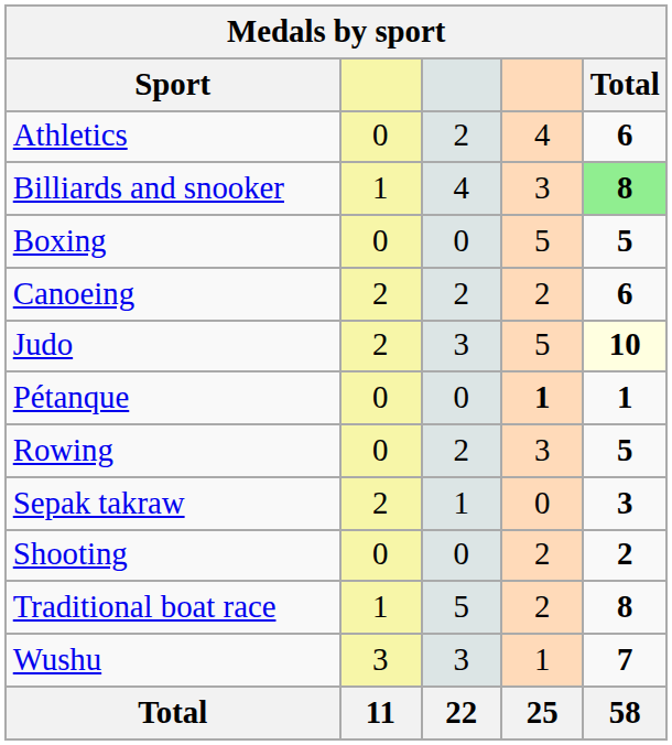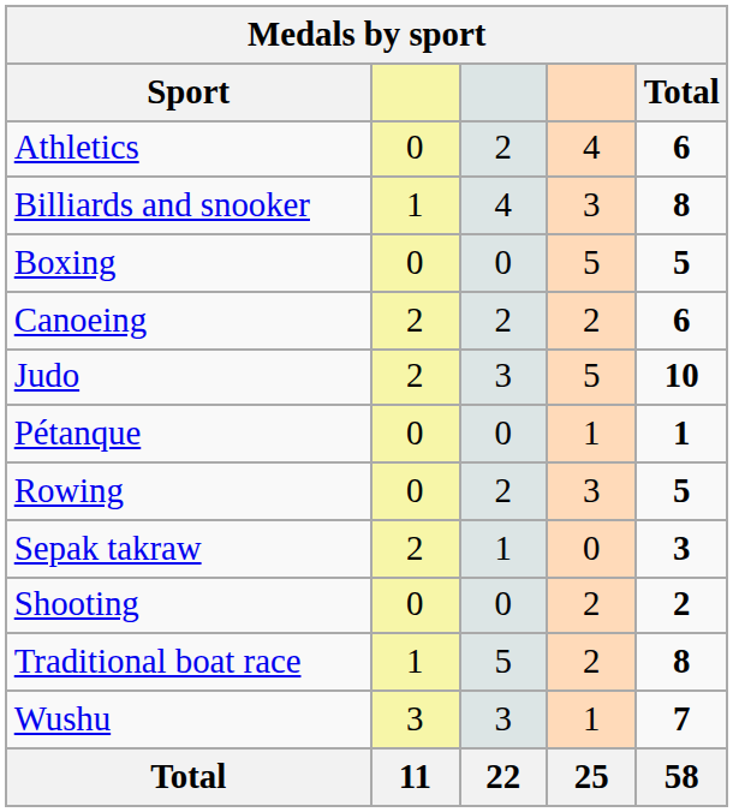 <table class="wikitable" style="font-size:90%; text-align:center;">
 <tr>
 <th colspan=5>Medals by sport</th>
 </tr>
 <tr>
 <th width=145>Sport</th>
 <th width=30 style="background:#F7F6A8;"></th>
 <th width=30 style="background:#DCE5E5;"></th>
 <th width=30 style="background:#FFDAB9;"></th>
 <th width=30>Total</th>
 </tr>
 <tr>
 <td align=left><a href='#'>Athletics</a></td>
 <td style="background:#F7F6A8;">0</td>
 <td style="background:#DCE5E5;">2</td>
 <td style="background:#FFDAB9;">4</td>
 <td><strong>6</strong></td>
 </tr>
 <tr>
 <td align=left><a href='#'>Billiards and snooker</a></td>
 <td style="background:#F7F6A8;">1</td>
 <td style="background:#DCE5E5;">4</td>
 <td style="background:#FFDAB9;">3</td>
-<td style="background: lightgreen;"><strong>8</strong></td>
+<td><strong>8</strong></td>
 </tr>
 <tr>
 <td align=left><a href='#'>Boxing</a></td>
 <td style="background:#F7F6A8;">0</td>
 <td style="background:#DCE5E5;">0</td>
 <td style="background:#FFDAB9;">5</td>
 <td><strong>5</strong></td>
 </tr>
 <tr>
 <td align=left><a href='#'>Canoeing</a></td>
 <td style="background:#F7F6A8;">2</td>
 <td style="background:#DCE5E5;">2</td>
 <td style="background:#FFDAB9;">2</td>
 <td><strong>6</strong></td>
 </tr>
 <tr>
 <td align=left><a href='#'>Judo</a></td>
 <td style="background:#F7F6A8;">2</td>
 <td style="background:#DCE5E5;">3</td>
 <td style="background:#FFDAB9;">5</td>
-<td style="background: lightyellow;"><strong>10</strong></td>
+<td><strong>10</strong></td>
 </tr>
 <tr>
 <td align=left><a href='#'>Pétanque</a></td>
 <td style="background:#F7F6A8;">0</td>
 <td style="background:#DCE5E5;">0</td>
-<td style="background:#FFDAB9;"><strong>1</strong></td>
+<td style="background:#FFDAB9;">1</td>
 <td><strong>1</strong></td>
 </tr>
 <tr>
 <td align=left><a href='#'>Rowing</a></td>
 <td style="background:#F7F6A8;">0</td>
 <td style="background:#DCE5E5;">2</td>
 <td style="background:#FFDAB9;">3</td>
 <td><strong>5</strong></td>
 </tr>
 <tr>
 <td align=left><a href='#'>Sepak takraw</a></td>
 <td style="background:#F7F6A8;">2</td>
 <td style="background:#DCE5E5;">1</td>
 <td style="background:#FFDAB9;">0</td>
 <td><strong>3</strong></td>
 </tr>
 <tr>
 <td align=left><a href='#'>Shooting</a></td>
 <td style="background:#F7F6A8;">0</td>
 <td style="background:#DCE5E5;">0</td>
 <td style="background:#FFDAB9;">2</td>
 <td><strong>2</strong></td>
 </tr>
 <tr>
 <td align=left><a href='#'>Traditional boat race</a></td>
 <td style="background:#F7F6A8;">1</td>
 <td style="background:#DCE5E5;">5</td>
 <td style="background:#FFDAB9;">2</td>
 <td><strong>8</strong></td>
 </tr>
 <tr>
 <td align=left><a href='#'>Wushu</a></td>
 <td style="background:#F7F6A8;">3</td>
 <td style="background:#DCE5E5;">3</td>
 <td style="background:#FFDAB9;">1</td>
 <td><strong>7</strong></td>
 </tr>
 <tr class="sortbottom">
 <th>Total</th>
 <th>11</th>
 <th>22</th>
 <th>25</th>
 <th>58</th>
 </tr>
 </table>
